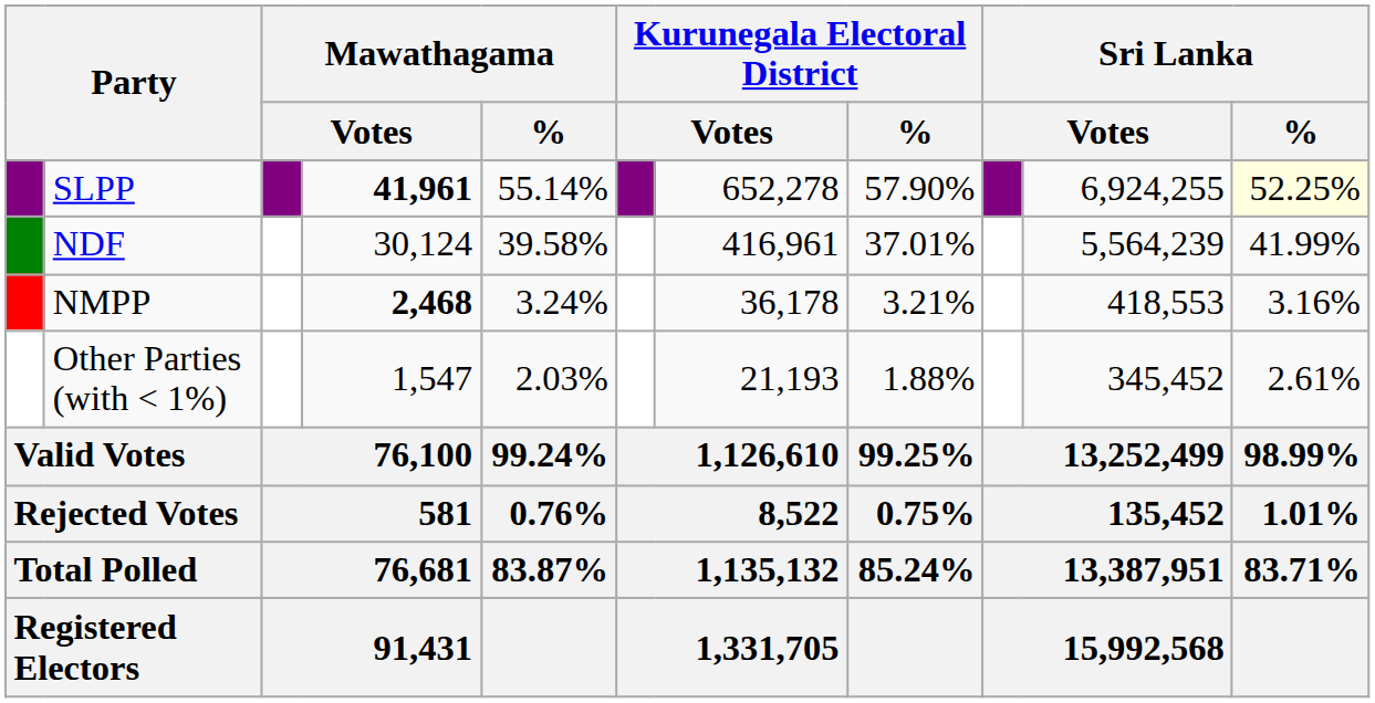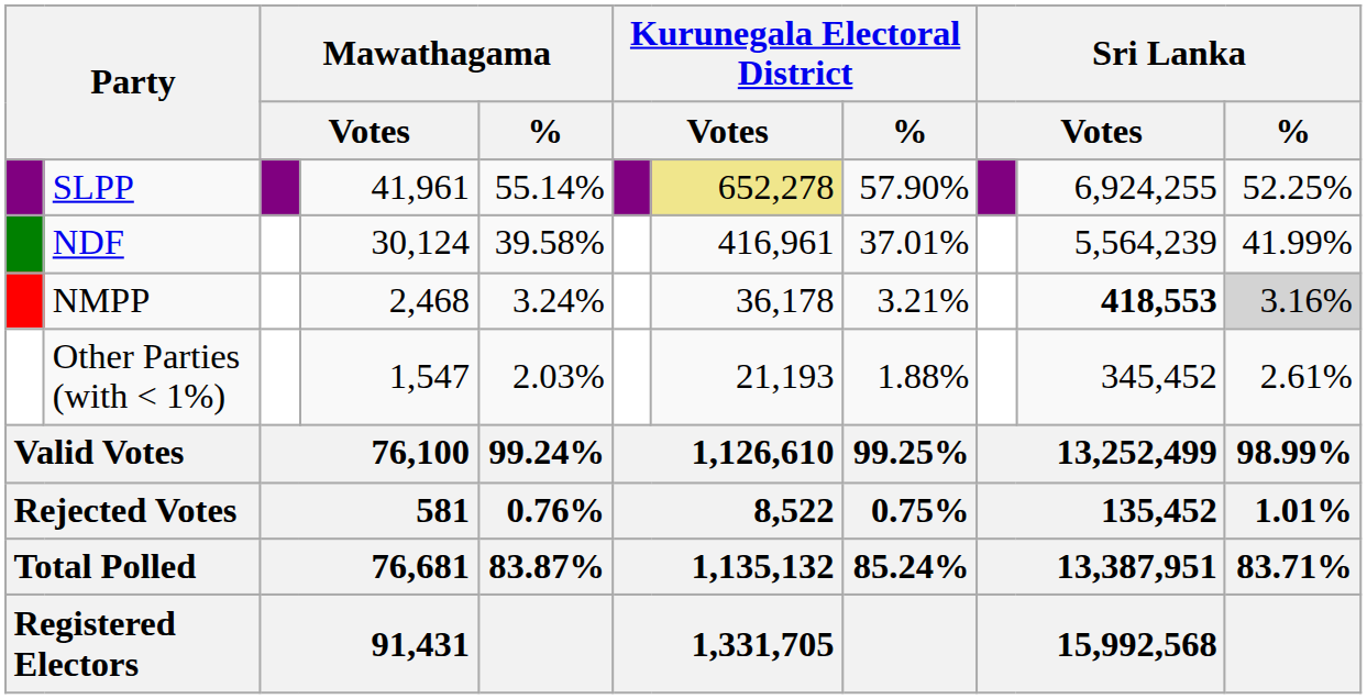 <table class="wikitable">
 <tr>
 <th colspan="2" width="144px"rowspan="2">Party</th>
 <th colspan="3" width="216px">Mawathagama</th>
 <th colspan="3" width="216px"><a href='#'>Kurunegala Electoral District</a></th>
 <th colspan="3" width="216px">Sri Lanka</th>
 </tr>
 <tr>
 <th colspan="2" width="144px">Votes</th>
 <th>%</th>
 <th colspan="2" width="144px">Votes</th>
 <th>%</th>
 <th colspan="2" width="144px">Votes</th>
 <th>%</th>
 </tr>
 <tr>
 <td style="background-color:purple;" width="10px"></td>
 <td style="text-align:left;"><a href='#'>SLPP</a></td>
 <td style="background-color:purple;" width="10px"></td>
-<td style="text-align:right;"><strong>41,961</strong></td>
+<td style="text-align:right;">41,961</td>
 <td style="text-align:right;">55.14%</td>
 <td style="background-color:purple;" width="10px"></td>
-<td style="text-align:right;">652,278</td>
+<td style="background: khaki; text-align:right;">652,278</td>
 <td style="text-align:right;">57.90%</td>
 <td style="background-color:purple;" width="10px"></td>
 <td style="text-align:right;">6,924,255</td>
-<td style="background: lightyellow; text-align:right;">52.25%</td>
+<td style="text-align:right;">52.25%</td>
 </tr>
 <tr>
 <td style="background-color:green;" width="10px"></td>
 <td style="text-align:left;"><a href='#'>NDF</a></td>
 <td style="background-color:white;" width="10px"></td>
 <td style="text-align:right;">30,124</td>
 <td style="text-align:right;">39.58%</td>
 <td style="background-color:white;" width="10px"></td>
 <td style="text-align:right;">416,961</td>
 <td style="text-align:right;">37.01%</td>
 <td style="background-color:white;" width="10px"></td>
 <td style="text-align:right;">5,564,239</td>
 <td style="text-align:right;">41.99%</td>
 </tr>
 <tr>
 <td style="background-color:red;" width="10px"></td>
 <td style="text-align:left;">NMPP</td>
 <td style="background-color:white;" width="10px"></td>
-<td style="text-align:right;"><strong>2,468</strong></td>
+<td style="text-align:right;">2,468</td>
 <td style="text-align:right;">3.24%</td>
 <td style="background-color:white;" width="10px"></td>
 <td style="text-align:right;">36,178</td>
 <td style="text-align:right;">3.21%</td>
 <td style="background-color:white;" width="10px"></td>
-<td style="text-align:right;">418,553</td>
-<td style="text-align:right;">3.16%</td>
+<td style="text-align:right;"><strong>418,553</strong></td>
+<td style="background: lightgrey; text-align:right;">3.16%</td>
 </tr>
 <tr>
 <td style="background-color:white;" width="10px"></td>
 <td style="text-align:left;">Other Parties (with < 1%)</td>
 <td style="background-color:white;" width="10px"></td>
 <td style="text-align:right;">1,547</td>
 <td style="text-align:right;">2.03%</td>
 <td style="background-color:white;" width="10px"></td>
 <td style="text-align:right;">21,193</td>
 <td style="text-align:right;">1.88%</td>
 <td style="background-color:white;" width="10px"></td>
 <td style="text-align:right;">345,452</td>
 <td style="text-align:right;">2.61%</td>
 </tr>
 <tr>
 <th colspan="2" width="144px"style="text-align:left;">Valid Votes</th>
 <th style="text-align:right;"colspan="2" width="144px">76,100</th>
 <th style="text-align:right;">99.24%</th>
 <th style="text-align:right;"colspan="2" width="144px">1,126,610</th>
 <th style="text-align:right;">99.25%</th>
 <th style="text-align:right;"colspan="2" width="144px">13,252,499</th>
 <th style="text-align:right;">98.99%</th>
 </tr>
 <tr>
 <th colspan="2" width="144px"style="text-align:left;">Rejected Votes</th>
 <th style="text-align:right;"colspan="2" width="144px">581</th>
 <th style="text-align:right;">0.76%</th>
 <th style="text-align:right;"colspan="2" width="144px">8,522</th>
 <th style="text-align:right;">0.75%</th>
 <th style="text-align:right;"colspan="2" width="144px">135,452</th>
 <th style="text-align:right;">1.01%</th>
 </tr>
 <tr>
 <th colspan="2" width="144px"style="text-align:left;">Total Polled</th>
 <th style="text-align:right;"colspan="2" width="144px">76,681</th>
 <th style="text-align:right;">83.87%</th>
 <th style="text-align:right;"colspan="2" width="144px">1,135,132</th>
 <th style="text-align:right;">85.24%</th>
 <th style="text-align:right;"colspan="2" width="144px">13,387,951</th>
 <th style="text-align:right;">83.71%</th>
 </tr>
 <tr>
 <th colspan="2" width="144px"style="text-align:left;">Registered Electors</th>
 <th style="text-align:right;"colspan="2" width="144px">91,431</th>
 <th></th>
 <th style="text-align:right;"colspan="2" width="144px">1,331,705</th>
 <th></th>
 <th style="text-align:right;"colspan="2" width="144px">15,992,568</th>
 <th></th>
 </tr>
 </table>
